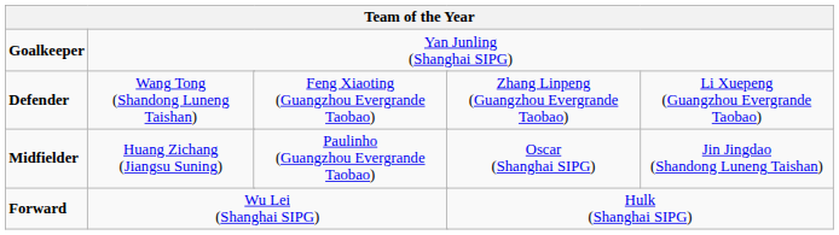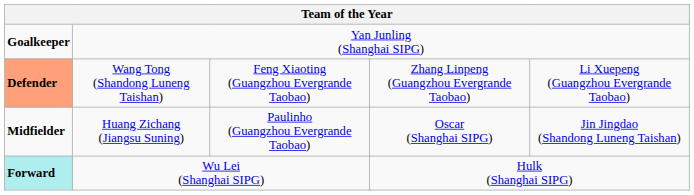 <table class="wikitable">
 <tr>
 <th colspan="13">Team of the Year</th>
 </tr>
 <tr>
 <td><strong>Goalkeeper</strong></td>
 <td colspan="12" align="center"> <a href='#'>Yan Junling</a> <br>(<a href='#'>Shanghai SIPG</a>)</td>
 </tr>
 <tr>
-<td><strong>Defender</strong></td>
+<td style="background: lightsalmon;"><strong>Defender</strong></td>
 <td colspan="3" align="center"> <a href='#'>Wang Tong</a> <br>(<a href='#'>Shandong Luneng Taishan</a>)</td>
 <td colspan="3" align="center"> <a href='#'>Feng Xiaoting</a> <br>(<a href='#'>Guangzhou Evergrande Taobao</a>)</td>
 <td colspan="3" align="center"> <a href='#'>Zhang Linpeng</a> <br>(<a href='#'>Guangzhou Evergrande Taobao</a>)</td>
 <td colspan="3" align="center"> <a href='#'>Li Xuepeng</a> <br>(<a href='#'>Guangzhou Evergrande Taobao</a>)</td>
 </tr>
 <tr>
 <td><strong>Midfielder</strong></td>
 <td colspan="3" align="center"> <a href='#'>Huang Zichang</a> <br>(<a href='#'>Jiangsu Suning</a>)</td>
 <td colspan="3" align="center"> <a href='#'>Paulinho</a> <br>(<a href='#'>Guangzhou Evergrande Taobao</a>)</td>
 <td colspan="3" align="center"> <a href='#'>Oscar</a> <br>(<a href='#'>Shanghai SIPG</a>)</td>
 <td colspan="3" align="center"> <a href='#'>Jin Jingdao</a> <br>(<a href='#'>Shandong Luneng Taishan</a>)</td>
 </tr>
 <tr>
-<td><strong>Forward</strong></td>
+<td style="background: paleturquoise;"><strong>Forward</strong></td>
 <td colspan="6" align="center"> <a href='#'>Wu Lei</a> <br>(<a href='#'>Shanghai SIPG</a>)</td>
 <td colspan="6" align="center"> <a href='#'>Hulk</a> <br>(<a href='#'>Shanghai SIPG</a>)</td>
 </tr>
 </table>
